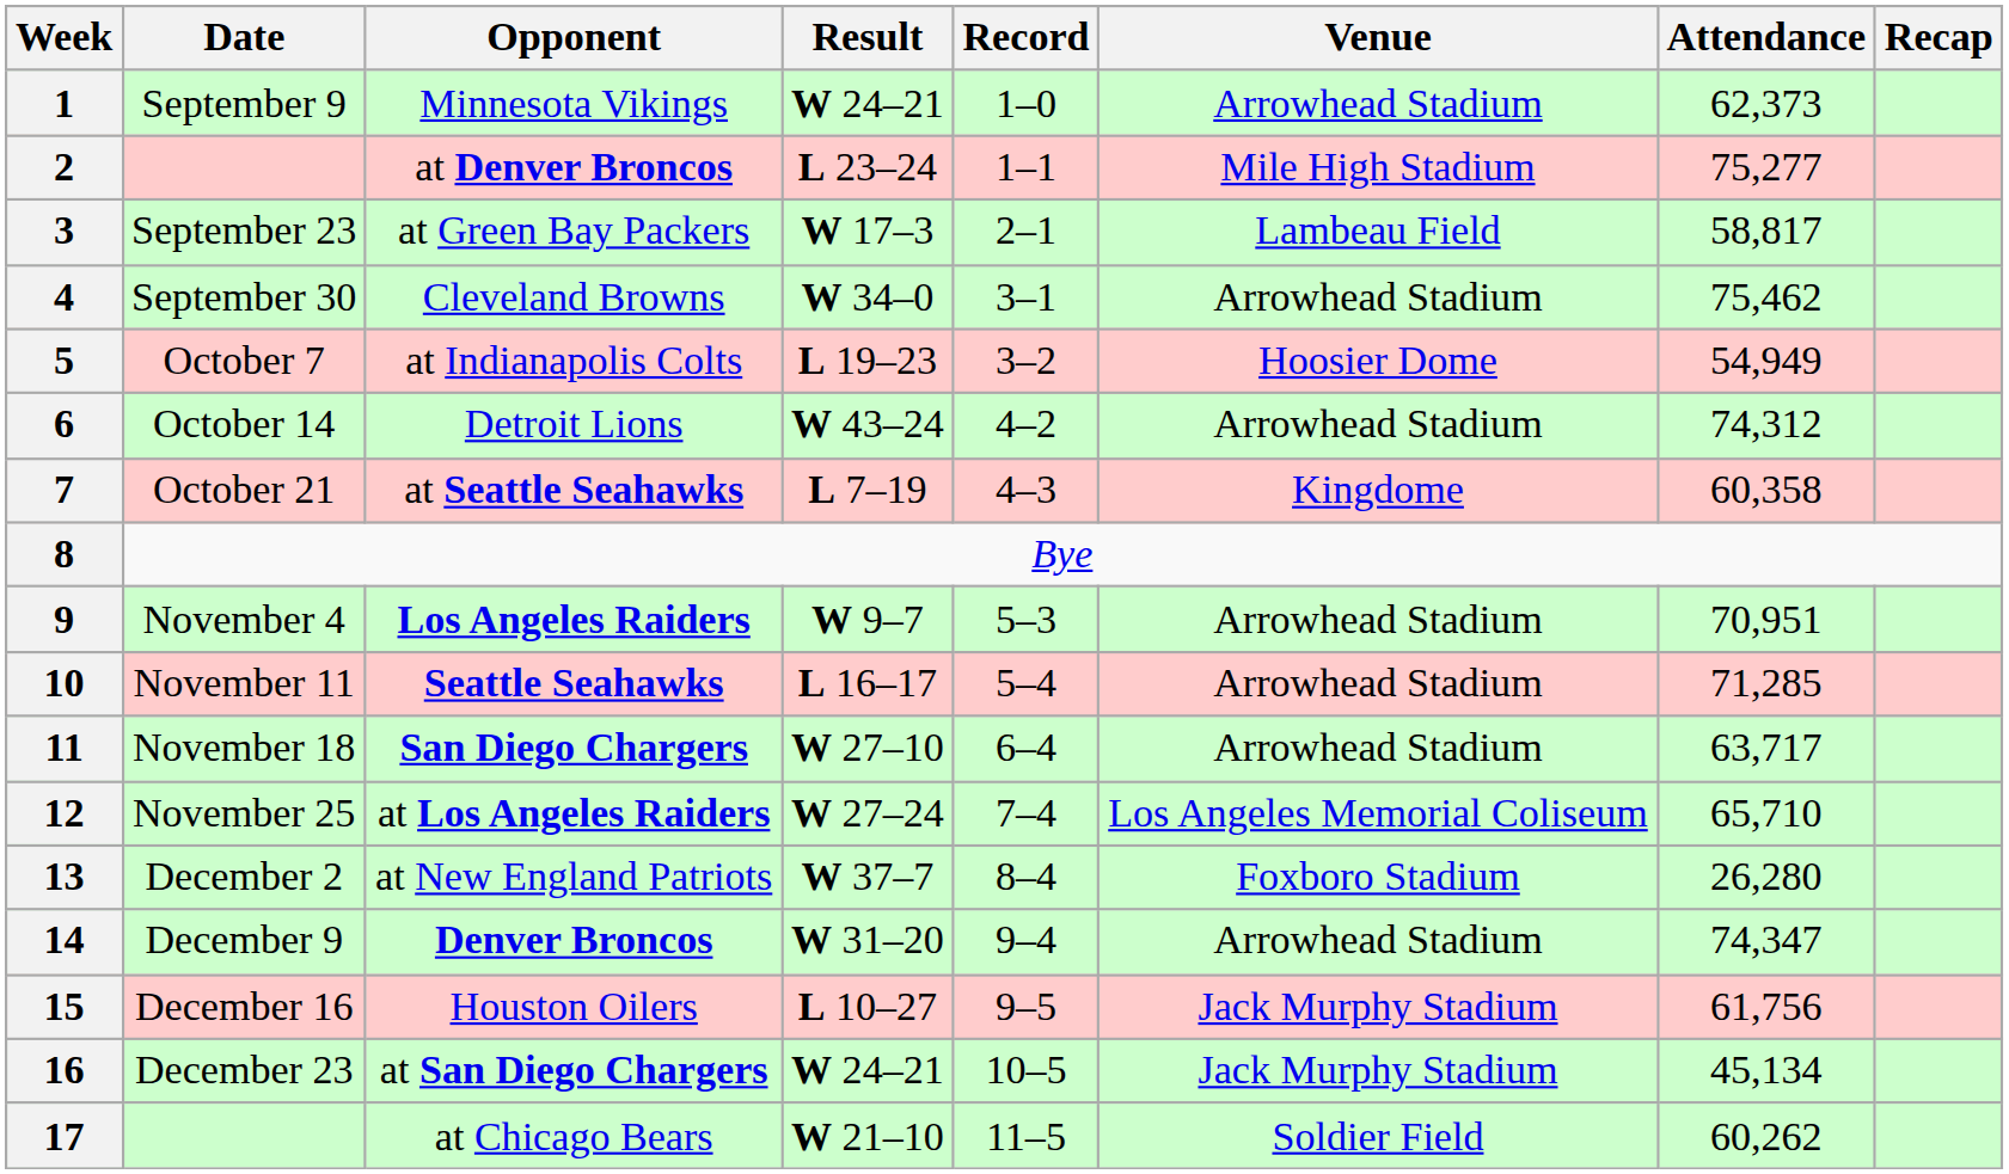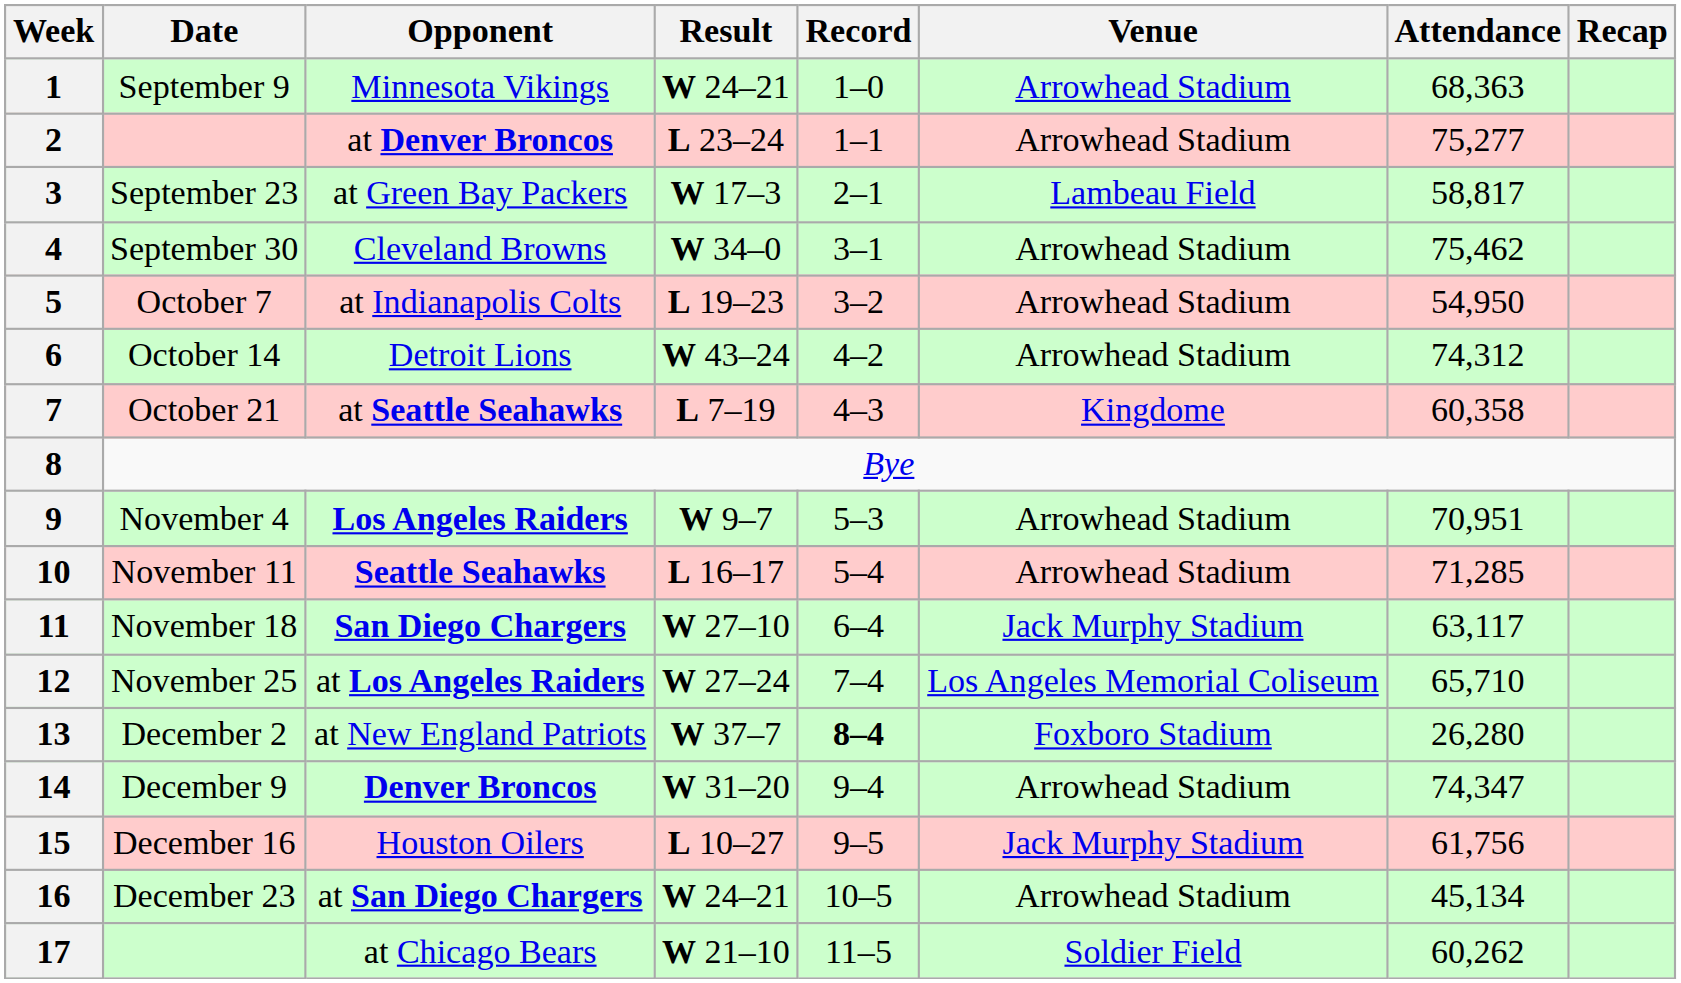 <table class="wikitable" style="text-align:center">
 <tr>
 <th>Week</th>
 <th>Date</th>
 <th>Opponent</th>
 <th>Result</th>
 <th>Record</th>
 <th>Venue</th>
 <th>Attendance</th>
 <th>Recap</th>
 </tr>
 <tr style="background:#cfc">
 <th>1</th>
 <td>September 9</td>
 <td><a href='#'>Minnesota Vikings</a></td>
 <td><strong>W</strong> 24–21</td>
 <td>1–0</td>
 <td><a href='#'>Arrowhead Stadium</a></td>
-<td>62,373</td>
+<td>68,363</td>
 <td></td>
 </tr>
 <tr style="background:#fcc">
 <th>2</th>
 <td></td>
 <td>at <strong><a href='#'>Denver Broncos</a></strong></td>
 <td><strong>L</strong> 23–24</td>
 <td>1–1</td>
-<td><a href='#'>Mile High Stadium</a></td>
+<td>Arrowhead Stadium</td>
 <td>75,277</td>
 <td></td>
 </tr>
 <tr style="background:#cfc">
 <th>3</th>
 <td>September 23</td>
 <td>at <a href='#'>Green Bay Packers</a></td>
 <td><strong>W</strong> 17–3</td>
 <td>2–1</td>
 <td><a href='#'>Lambeau Field</a></td>
 <td>58,817</td>
 <td></td>
 </tr>
 <tr style="background:#cfc">
 <th>4</th>
 <td>September 30</td>
 <td><a href='#'>Cleveland Browns</a></td>
 <td><strong>W</strong> 34–0</td>
 <td>3–1</td>
 <td>Arrowhead Stadium</td>
 <td>75,462</td>
 <td></td>
 </tr>
 <tr style="background:#fcc">
 <th>5</th>
 <td>October 7</td>
 <td>at <a href='#'>Indianapolis Colts</a></td>
 <td><strong>L</strong> 19–23</td>
 <td>3–2</td>
-<td><a href='#'>Hoosier Dome</a></td>
-<td>54,949</td>
+<td>Arrowhead Stadium</td>
+<td>54,950</td>
 <td></td>
 </tr>
 <tr style="background:#cfc">
 <th>6</th>
 <td>October 14</td>
 <td><a href='#'>Detroit Lions</a></td>
 <td><strong>W</strong> 43–24</td>
 <td>4–2</td>
 <td>Arrowhead Stadium</td>
 <td>74,312</td>
 <td></td>
 </tr>
 <tr style="background:#fcc">
 <th>7</th>
 <td>October 21</td>
 <td>at <strong><a href='#'>Seattle Seahawks</a></strong></td>
 <td><strong>L</strong> 7–19</td>
 <td>4–3</td>
 <td><a href='#'>Kingdome</a></td>
 <td>60,358</td>
 <td></td>
 </tr>
 <tr>
 <th>8</th>
 <td colspan="7"><em><a href='#'>Bye</a></em></td>
 </tr>
 <tr style="background:#cfc">
 <th>9</th>
 <td>November 4</td>
 <td><strong><a href='#'>Los Angeles Raiders</a></strong></td>
 <td><strong>W</strong> 9–7</td>
 <td>5–3</td>
 <td>Arrowhead Stadium</td>
 <td>70,951</td>
 <td></td>
 </tr>
 <tr style="background:#fcc">
 <th>10</th>
 <td>November 11</td>
 <td><strong><a href='#'>Seattle Seahawks</a></strong></td>
 <td><strong>L</strong> 16–17</td>
 <td>5–4</td>
 <td>Arrowhead Stadium</td>
 <td>71,285</td>
 <td></td>
 </tr>
 <tr style="background:#cfc">
 <th>11</th>
 <td>November 18</td>
 <td><strong><a href='#'>San Diego Chargers</a></strong></td>
 <td><strong>W</strong> 27–10</td>
 <td>6–4</td>
-<td>Arrowhead Stadium</td>
-<td>63,717</td>
+<td><a href='#'>Jack Murphy Stadium</a></td>
+<td>63,117</td>
 <td></td>
 </tr>
 <tr style="background:#cfc">
 <th>12</th>
 <td>November 25</td>
 <td>at <strong><a href='#'>Los Angeles Raiders</a></strong></td>
 <td><strong>W</strong> 27–24</td>
 <td>7–4</td>
 <td><a href='#'>Los Angeles Memorial Coliseum</a></td>
 <td>65,710</td>
 <td></td>
 </tr>
 <tr style="background:#cfc">
 <th>13</th>
 <td>December 2</td>
 <td>at <a href='#'>New England Patriots</a></td>
 <td><strong>W</strong> 37–7</td>
-<td>8–4</td>
+<td><strong>8–4</strong></td>
 <td><a href='#'>Foxboro Stadium</a></td>
 <td>26,280</td>
 <td></td>
 </tr>
 <tr style="background:#cfc">
 <th>14</th>
 <td>December 9</td>
 <td><strong><a href='#'>Denver Broncos</a></strong></td>
 <td><strong>W</strong> 31–20</td>
 <td>9–4</td>
 <td>Arrowhead Stadium</td>
 <td>74,347</td>
 <td></td>
 </tr>
 <tr style="background:#fcc">
 <th>15</th>
 <td>December 16</td>
 <td><a href='#'>Houston Oilers</a></td>
 <td><strong>L</strong> 10–27</td>
 <td>9–5</td>
 <td><a href='#'>Jack Murphy Stadium</a></td>
 <td>61,756</td>
 <td></td>
 </tr>
 <tr style="background:#cfc">
 <th>16</th>
 <td>December 23</td>
 <td>at <strong><a href='#'>San Diego Chargers</a></strong></td>
 <td><strong>W</strong> 24–21</td>
 <td>10–5</td>
-<td><a href='#'>Jack Murphy Stadium</a></td>
+<td>Arrowhead Stadium</td>
 <td>45,134</td>
 <td></td>
 </tr>
 <tr style="background:#cfc">
 <th>17</th>
 <td></td>
 <td>at <a href='#'>Chicago Bears</a></td>
 <td><strong>W</strong> 21–10</td>
 <td>11–5</td>
 <td><a href='#'>Soldier Field</a></td>
 <td>60,262</td>
 <td></td>
 </tr>
 </table>
